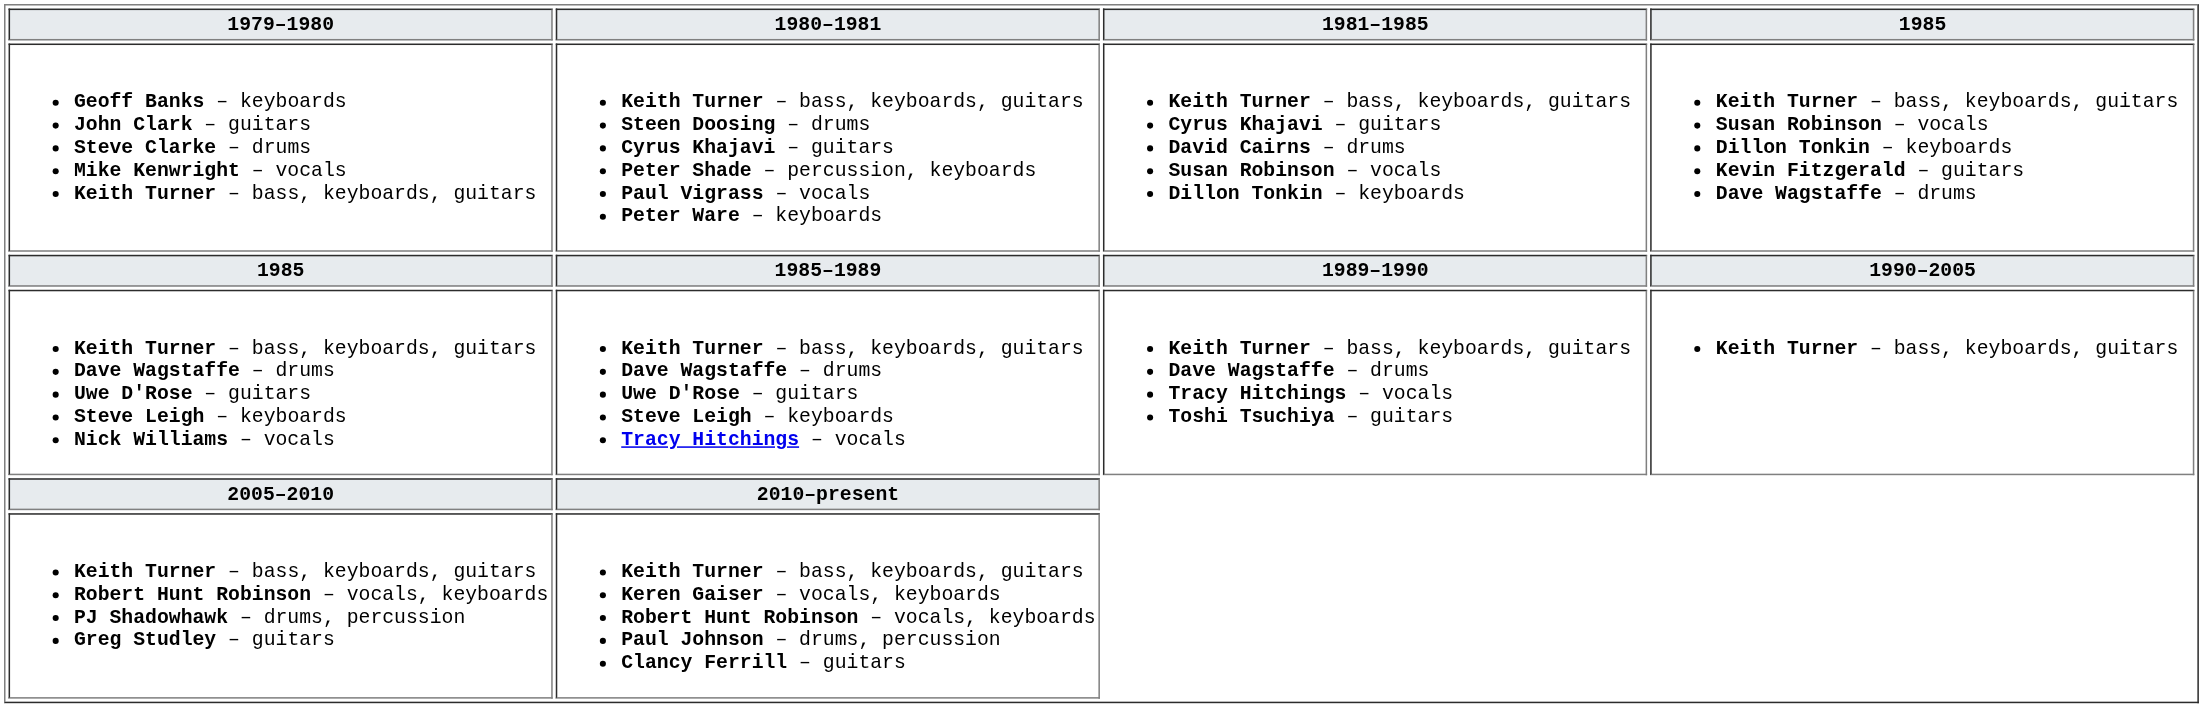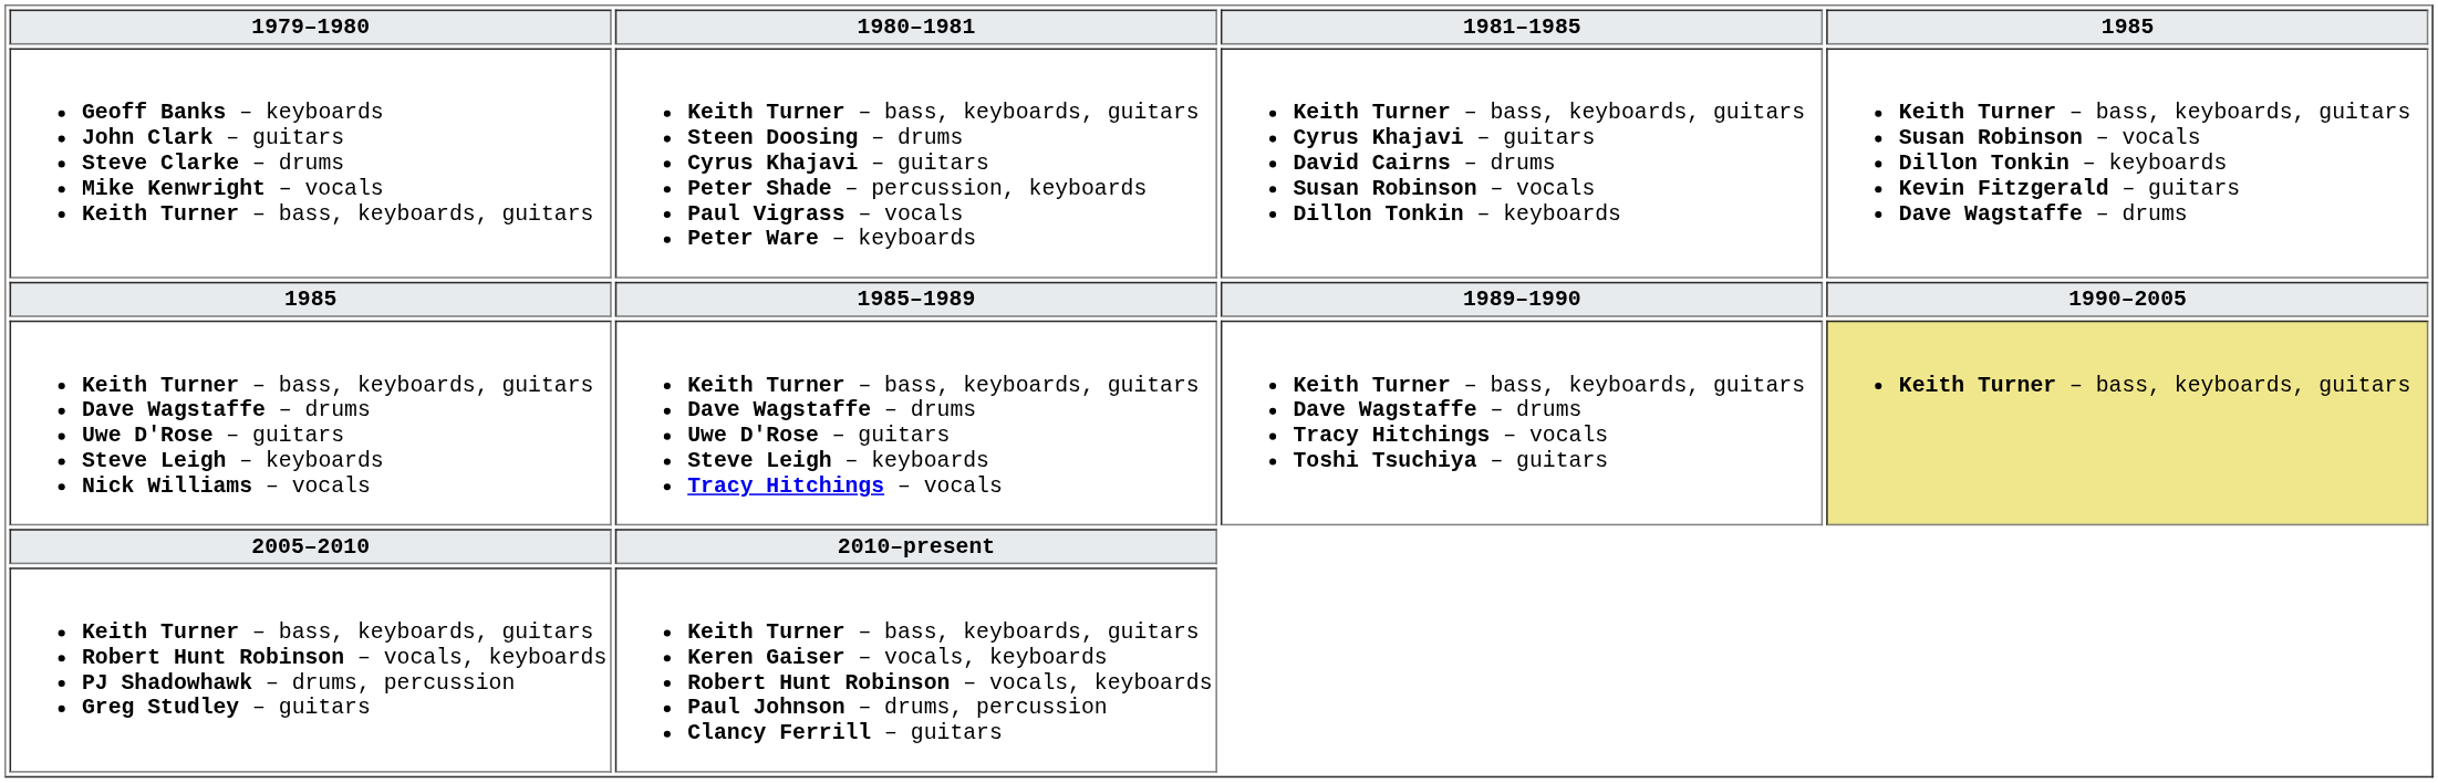 <table class="toccolours" border="1" cellpadding="2" cellspacing="">
 <tr>
 <th style="vertical-align:top; background:#e7ebee; width:25%;">1979–1980</th>
 <th style="vertical-align:top; background:#e7ebee; width:25%;">1980–1981</th>
 <th style="vertical-align:top; background:#e7ebee; width:25%;">1981–1985</th>
 <th style="vertical-align:top; background:#e7ebee; width:25%;">1985</th>
 </tr>
 <tr>
 <td valign=top><br><ul><li><strong>Geoff Banks</strong> – keyboards</li><li><strong>John Clark</strong> – guitars</li><li><strong>Steve Clarke</strong> – drums</li><li><strong>Mike Kenwright</strong> – vocals</li><li><strong>Keith Turner</strong> – bass, keyboards, guitars</li></ul></td>
 <td valign=top><br><ul><li><strong>Keith Turner</strong> – bass, keyboards, guitars</li><li><strong>Steen Doosing</strong> – drums</li><li><strong>Cyrus Khajavi</strong> – guitars</li><li><strong>Peter Shade</strong> – percussion, keyboards</li><li><strong>Paul Vigrass</strong> – vocals</li><li><strong>Peter Ware</strong> – keyboards</li></ul></td>
 <td valign=top><br><ul><li><strong>Keith Turner</strong> – bass, keyboards, guitars</li><li><strong>Cyrus Khajavi</strong> – guitars</li><li><strong>David Cairns</strong> – drums</li><li><strong>Susan Robinson</strong> – vocals</li><li><strong>Dillon Tonkin</strong> – keyboards</li></ul></td>
 <td valign=top><br><ul><li><strong>Keith Turner</strong> – bass, keyboards, guitars</li><li><strong>Susan Robinson</strong> – vocals</li><li><strong>Dillon Tonkin</strong> – keyboards</li><li><strong>Kevin Fitzgerald</strong> – guitars</li><li><strong>Dave Wagstaffe</strong> – drums</li></ul></td>
 </tr>
 <tr>
 <th style="vertical-align:top; background:#e7ebee; width:25%;">1985</th>
 <th style="vertical-align:top; background:#e7ebee; width:25%;">1985–1989</th>
 <th style="vertical-align:top; background:#e7ebee; width:25%;">1989–1990</th>
 <th style="vertical-align:top; background:#e7ebee; width:25%;">1990–2005</th>
 </tr>
 <tr>
 <td valign=top><br><ul><li><strong>Keith Turner</strong> – bass, keyboards, guitars</li><li><strong>Dave Wagstaffe</strong> – drums</li><li><strong>Uwe D'Rose</strong> – guitars</li><li><strong>Steve Leigh</strong> – keyboards</li><li><strong>Nick Williams</strong> – vocals</li></ul></td>
 <td valign=top><br><ul><li><strong>Keith Turner</strong> – bass, keyboards, guitars</li><li><strong>Dave Wagstaffe</strong> – drums</li><li><strong>Uwe D'Rose</strong> – guitars</li><li><strong>Steve Leigh</strong> – keyboards</li><li><strong><a href='#'>Tracy Hitchings</a></strong> – vocals</li></ul></td>
 <td valign=top><br><ul><li><strong>Keith Turner</strong> – bass, keyboards, guitars</li><li><strong>Dave Wagstaffe</strong> – drums</li><li><strong>Tracy Hitchings</strong> – vocals</li><li><strong>Toshi Tsuchiya</strong> – guitars</li></ul></td>
-<td valign=top><br><ul><li><strong>Keith Turner</strong> – bass, keyboards, guitars</li></ul></td>
+<td valign=top style="background: khaki;"><br><ul><li><strong>Keith Turner</strong> – bass, keyboards, guitars</li></ul></td>
 </tr>
 <tr>
 <th style="vertical-align:top; background:#e7ebee; width:25%;">2005–2010</th>
 <th style="vertical-align:top; background:#e7ebee; width:25%;">2010–present</th>
 </tr>
 <tr>
 <td valign=top><br><ul><li><strong>Keith Turner</strong> – bass, keyboards, guitars</li><li><strong>Robert Hunt Robinson</strong> – vocals, keyboards</li><li><strong>PJ Shadowhawk</strong> – drums, percussion</li><li><strong>Greg Studley</strong> – guitars</li></ul></td>
 <td valign=top><br><ul><li><strong>Keith Turner</strong> – bass, keyboards, guitars</li><li><strong>Keren Gaiser</strong> – vocals, keyboards</li><li><strong>Robert Hunt Robinson</strong> – vocals, keyboards</li><li><strong>Paul Johnson</strong> – drums, percussion</li><li><strong>Clancy Ferrill</strong> – guitars</li></ul></td>
 </tr>
 </table>
